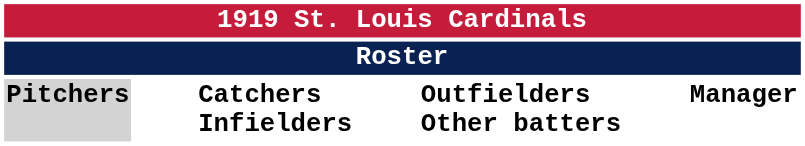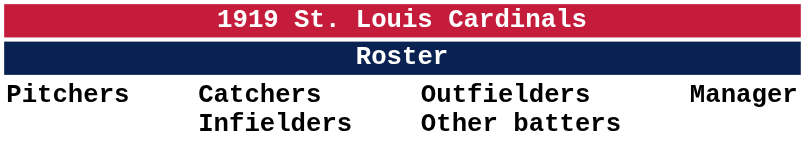 <table class="toccolours" style="font-size: 95%;">
 <tr>
 <th colspan="10" style="background-color: #c41c3a; color: white; text-align: center;">1919 St. Louis Cardinals</th>
 </tr>
 <tr>
 <td colspan="10" style="background-color: #0a2252; color: white; text-align: center;"><strong>Roster</strong></td>
 </tr>
 <tr>
-<td valign="top" style="background: lightgrey;"><strong>Pitchers</strong><br>              </td>
+<td valign="top"><strong>Pitchers</strong><br>              </td>
 <td width="25px"></td>
 <td valign="top"><strong>Catchers</strong><br>   <strong>Infielders</strong>            </td>
 <td width="25px"></td>
 <td valign="top"><strong>Outfielders</strong><br>      <strong>Other batters</strong> </td>
 <td width="25px"></td>
 <td valign="top"><strong>Manager</strong><br></td>
 </tr>
 </table>
